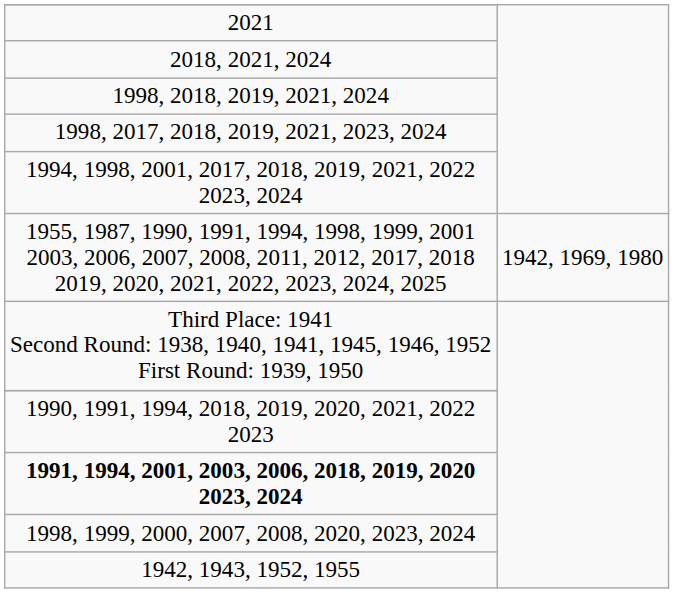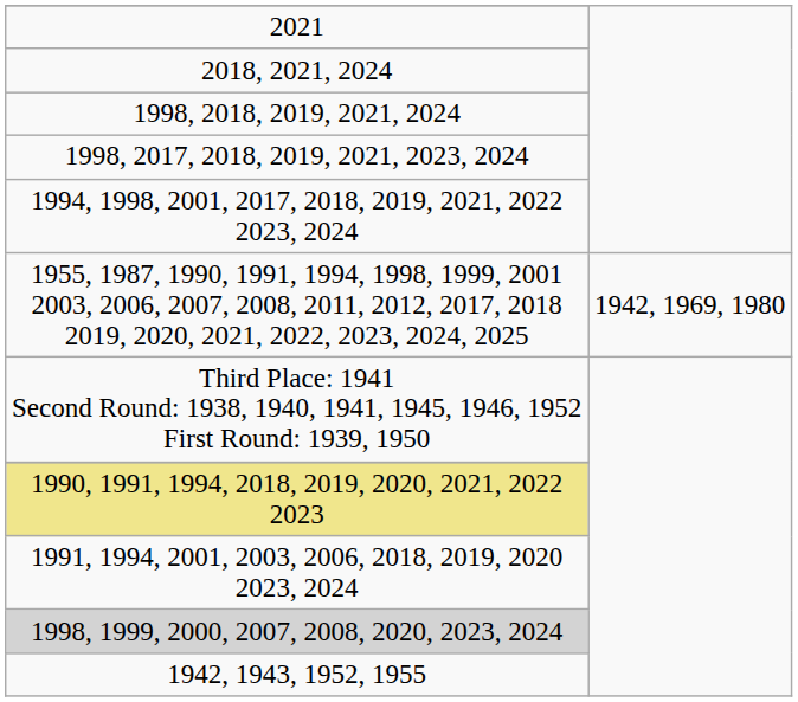 <table class="wikitable" style="text-align:center;">
 <tr>
 </tr>
 <tr>
 <td>2021<br></td>
 </tr>
 <tr>
 <td>2018, 2021, 2024<br></td>
 </tr>
 <tr>
 <td>1998, 2018, 2019, 2021, 2024<br></td>
 </tr>
 <tr>
 <td>1998, 2017, 2018, 2019, 2021, 2023, 2024<br></td>
 </tr>
 <tr>
 <td>1994, 1998, 2001, 2017, 2018, 2019, 2021, 2022<br> 2023, 2024<br></td>
 </tr>
 <tr>
 <td>1955, 1987, 1990, 1991, 1994, 1998, 1999, 2001<br> 2003, 2006, 2007, 2008, 2011, 2012, 2017, 2018<br> 2019, 2020, 2021, 2022, 2023, 2024, 2025<br></td>
 <td>1942, 1969, 1980</td>
 </tr>
 <tr>
 <td>Third Place: 1941 <br> Second Round: 1938, 1940, 1941, 1945, 1946, 1952 <br>  First Round: 1939, 1950</td>
 </tr>
 <tr>
 </tr>
 <tr>
-<td>1990, 1991, 1994, 2018, 2019, 2020, 2021, 2022 <br> 2023<br></td>
+<td style="background: khaki;">1990, 1991, 1994, 2018, 2019, 2020, 2021, 2022 <br> 2023<br></td>
 </tr>
 <tr>
-<td><strong>1991, 1994, 2001, 2003, 2006, 2018, 2019, 2020 <br> 2023, 2024<br></strong></td>
+<td>1991, 1994, 2001, 2003, 2006, 2018, 2019, 2020 <br> 2023, 2024<br></td>
 </tr>
 <tr>
-<td>1998, 1999, 2000, 2007, 2008, 2020, 2023, 2024<br></td>
+<td style="background: lightgrey;">1998, 1999, 2000, 2007, 2008, 2020, 2023, 2024<br></td>
 </tr>
 <tr>
 <td>1942, 1943, 1952, 1955</td>
 </tr>
 </table>
